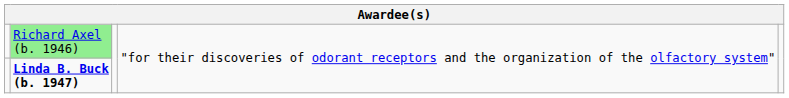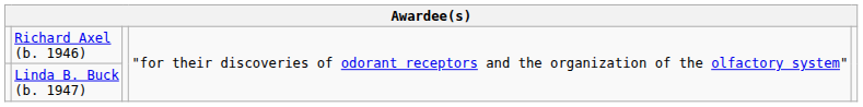 <table class="wikitable">
 <tr>
 <th colspan="5">Awardee(s)</th>
 </tr>
 <tr>
 <td></td>
-<td style="background: lightgreen;"><a href='#'>Richard Axel</a><br>(b. 1946)</td>
+<td><a href='#'>Richard Axel</a><br>(b. 1946)</td>
 <td rowspan="2"></td>
 <td rowspan="2">"for their discoveries of <a href='#'>odorant receptors</a> and the organization of the <a href='#'>olfactory system</a>"</td>
 <td rowspan="2"></td>
 </tr>
 <tr>
 <td></td>
-<td><strong><a href='#'>Linda B. Buck</a><br>(b. 1947)</strong></td>
+<td><a href='#'>Linda B. Buck</a><br>(b. 1947)</td>
 </tr>
 </table>
